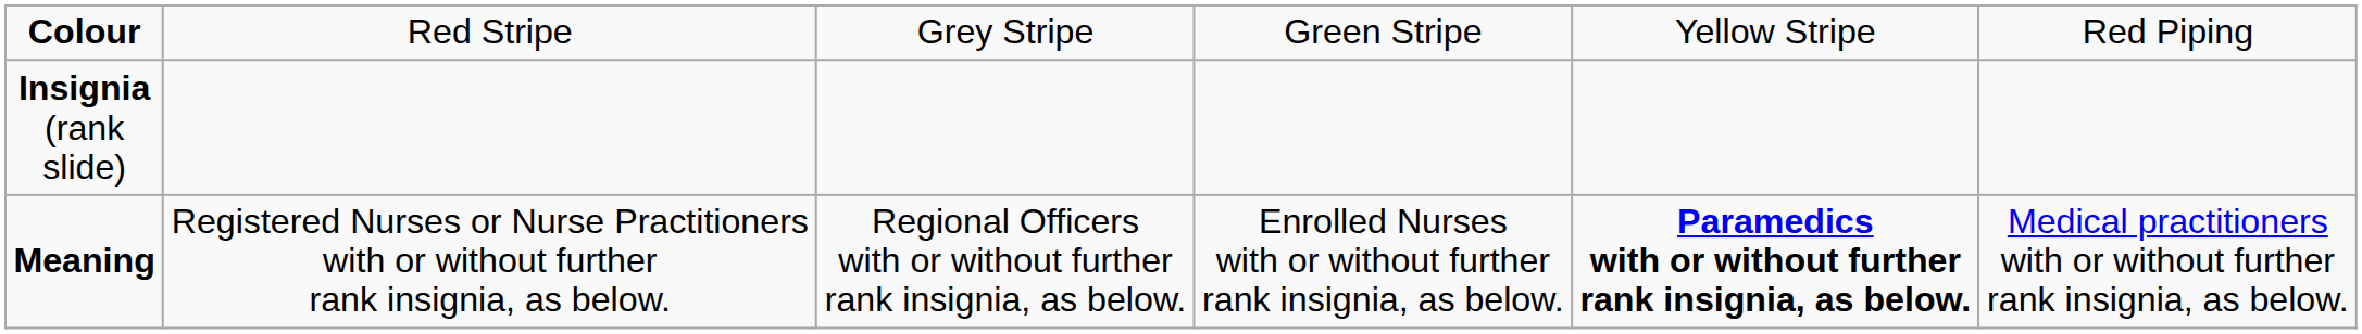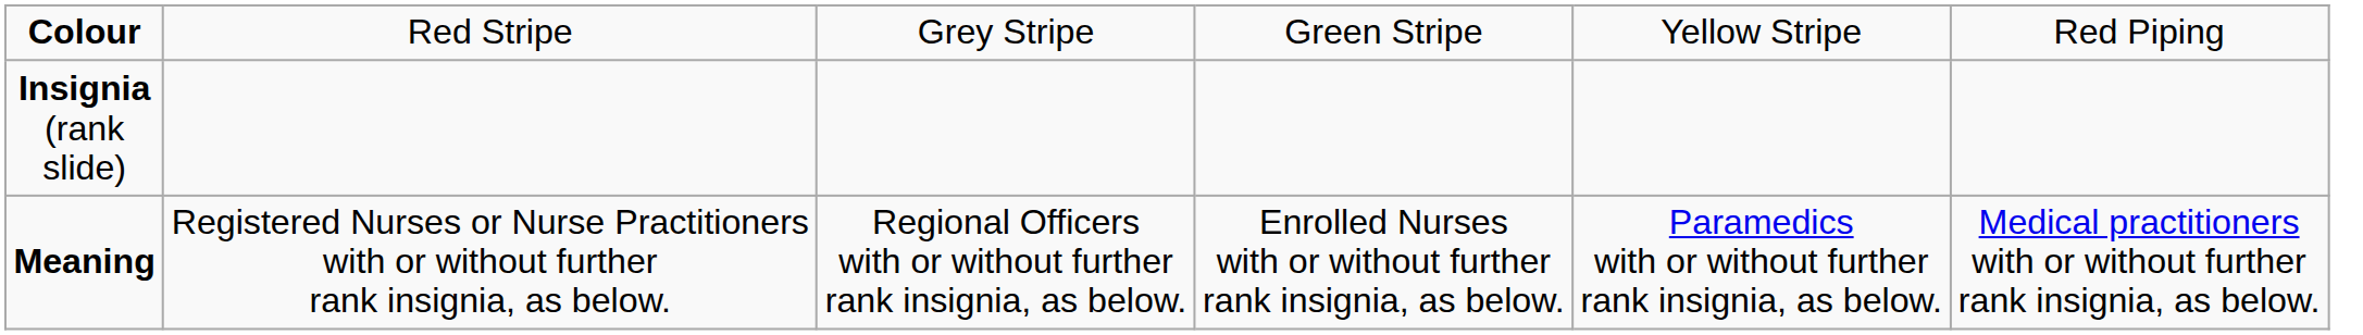 <table class="wikitable" style="text-align:center;">
 <tr>
 <td><strong>Colour</strong></td>
 <td>Red Stripe</td>
 <td>Grey Stripe</td>
 <td>Green Stripe</td>
 <td>Yellow Stripe</td>
 <td>Red Piping</td>
 </tr>
 <tr>
 <td><strong>Insignia</strong><br>(rank<br>slide)</td>
 <td></td>
 <td></td>
 <td></td>
 <td></td>
 <td></td>
 </tr>
 <tr>
 <td><strong>Meaning</strong></td>
 <td>Registered Nurses or Nurse Practitioners<br>with or without further<br>rank insignia, as below.</td>
 <td>Regional Officers <br>with or without further<br>rank insignia, as below.</td>
 <td>Enrolled Nurses<br>with or without further<br>rank insignia, as below.</td>
-<td><strong><a href='#'>Paramedics</a> <br>with or without further<br>rank insignia, as below.</strong></td>
+<td><a href='#'>Paramedics</a> <br>with or without further<br>rank insignia, as below.</td>
 <td><a href='#'>Medical practitioners</a><br>with or without further<br>rank insignia, as below.</td>
 </tr>
 </table>
